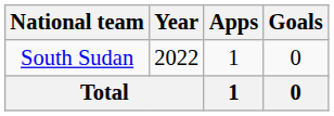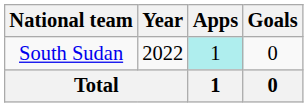 <table class="wikitable" style="text-align:center">
 <tr>
 <th>National team</th>
 <th>Year</th>
 <th>Apps</th>
 <th>Goals</th>
 </tr>
 <tr>
 <td rowspan=1><a href='#'>South Sudan</a></td>
 <td>2022</td>
-<td>1</td>
+<td style="background: paleturquoise;">1</td>
 <td>0</td>
 </tr>
 <tr>
 <th colspan=2>Total</th>
 <th>1</th>
 <th>0</th>
 </tr>
 </table>
